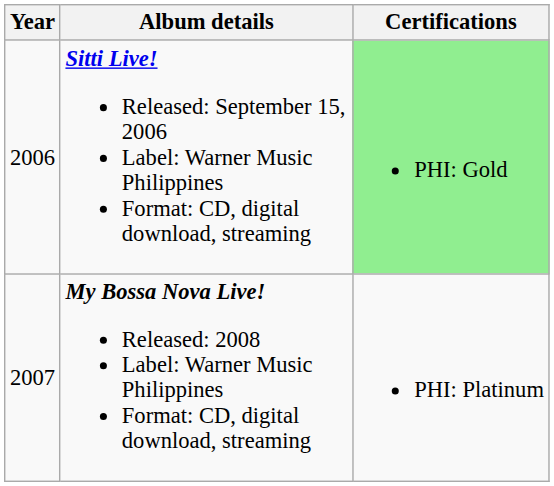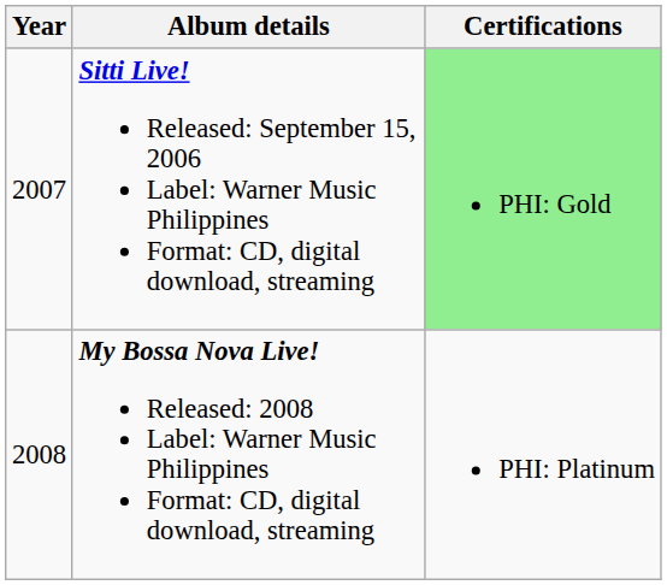 <table class="wikitable">
 <tr>
 <th>Year</th>
 <th style="width:200px;">Album details</th>
 <th>Certifications</th>
 </tr>
 <tr>
-<td>2006</td>
+<td>2007</td>
 <td><strong><em><a href='#'>Sitti Live!</a></em></strong><br><ul><li>Released: September 15, 2006</li><li>Label: Warner Music Philippines</li><li>Format: CD, digital download, streaming</li></ul></td>
 <td style="background: lightgreen;"><br><ul><li>PHI: Gold</li></ul></td>
 </tr>
 <tr>
-<td>2007</td>
+<td>2008</td>
 <td><strong><em>My Bossa Nova Live!</em></strong><br><ul><li>Released: 2008</li><li>Label: Warner Music Philippines</li><li>Format: CD, digital download, streaming</li></ul></td>
 <td><br><ul><li>PHI: Platinum</li></ul></td>
 </tr>
 </table>
